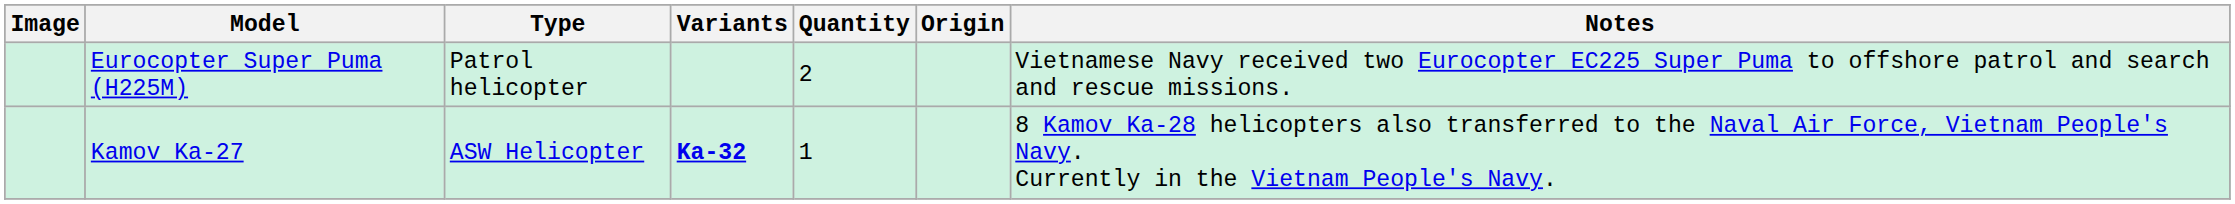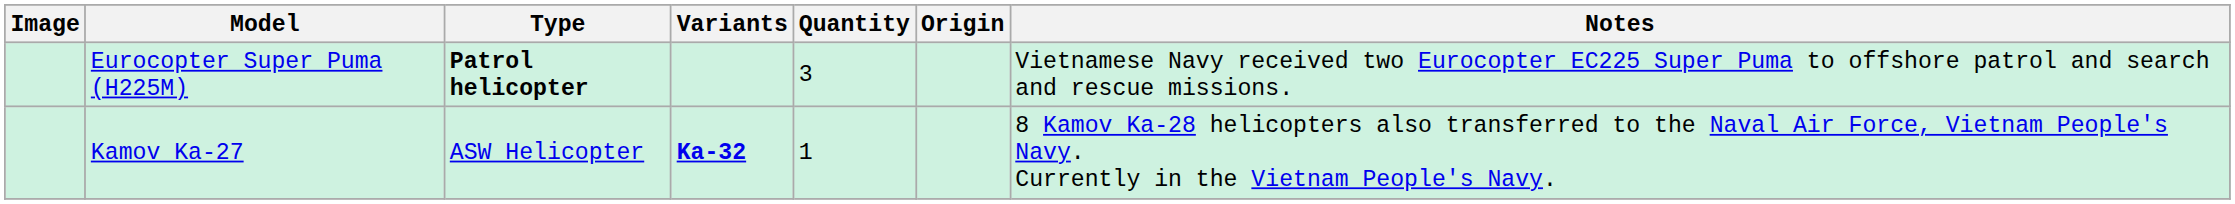 <table class="wikitable">
 <tr>
 <th>Image</th>
 <th>Model</th>
 <th>Type</th>
 <th>Variants</th>
 <th>Quantity</th>
 <th>Origin</th>
 <th>Notes</th>
 </tr>
 <tr>
 <td style="background: #CEF2E0"></td>
 <td style="background: #CEF2E0"><a href='#'>Eurocopter Super Puma (H225M)</a></td>
-<td style="background: #CEF2E0">Patrol helicopter</td>
+<td style="background: #CEF2E0"><strong>Patrol helicopter</strong></td>
 <td style="background: #CEF2E0"></td>
-<td style="background: #CEF2E0">2</td>
+<td style="background: #CEF2E0">3</td>
 <td style="background: #CEF2E0"></td>
 <td style="background: #CEF2E0">Vietnamese Navy received two <a href='#'>Eurocopter EC225 Super Puma</a> to offshore patrol and search and rescue missions.</td>
 </tr>
 <tr>
 <td style="background: #CEF2E0"></td>
 <td style="background: #CEF2E0"><a href='#'>Kamov Ka-27</a></td>
 <td style="background: #CEF2E0"><a href='#'>ASW Helicopter</a></td>
 <td style="background: #CEF2E0"><strong><a href='#'>Ka-32</a></strong></td>
 <td style="background: #CEF2E0">1</td>
 <td style="background: #CEF2E0"></td>
 <td style="background: #CEF2E0">8 <a href='#'>Kamov Ka-28</a> helicopters also transferred to the <a href='#'>Naval Air Force, Vietnam People's Navy</a>.<br>Currently in the <a href='#'>Vietnam People's Navy</a>.</td>
 </tr>
 </table>
